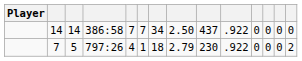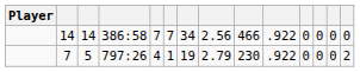 <table class="wikitable sortable" style="text-align:center;">
 <tr>
 <th>Player</th>
 <th></th>
 <th></th>
 <th></th>
 <th></th>
 <th></th>
 <th></th>
 <th></th>
 <th></th>
 <th></th>
 <th></th>
 <th></th>
 <th></th>
 <th></th>
 </tr>
 <tr>
 <td style="text-align:left;"></td>
 <td>14</td>
 <td>14</td>
 <td>386:58</td>
 <td>7</td>
 <td>7</td>
 <td>34</td>
-<td>2.50</td>
-<td>437</td>
+<td>2.56</td>
+<td>466</td>
 <td>.922</td>
 <td>0</td>
 <td>0</td>
 <td>0</td>
 <td>0</td>
 </tr>
 <tr>
 <td style="text-align:left;"></td>
 <td>7</td>
 <td>5</td>
 <td>797:26</td>
 <td>4</td>
 <td>1</td>
-<td>18</td>
+<td>19</td>
 <td>2.79</td>
 <td>230</td>
 <td>.922</td>
 <td>0</td>
 <td>0</td>
 <td>0</td>
 <td>2</td>
 </tr>
 </table>
